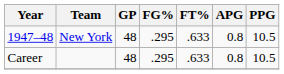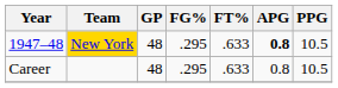 <table class="wikitable sortable" style="font-size:95%; text-align:right;">
 <tr>
 <th>Year</th>
 <th>Team</th>
 <th>GP</th>
 <th>FG%</th>
 <th>FT%</th>
 <th>APG</th>
 <th>PPG</th>
 </tr>
 <tr>
 <td style="text-align:left;"><a href='#'>1947–48</a></td>
-<td style="text-align:left;"><a href='#'>New York</a></td>
+<td style="background: gold; text-align:left;"><a href='#'>New York</a></td>
 <td>48</td>
 <td>.295</td>
 <td>.633</td>
-<td>0.8</td>
+<td><strong>0.8</strong></td>
 <td>10.5</td>
 </tr>
 <tr>
 <td style="text-align:left;">Career</td>
 <td></td>
 <td>48</td>
 <td>.295</td>
 <td>.633</td>
 <td>0.8</td>
 <td>10.5</td>
 </tr>
 <tr>
 </tr>
 </table>
